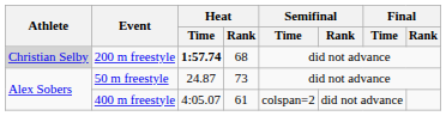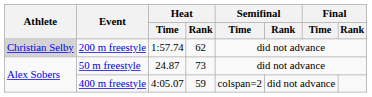 <table class=wikitable style="font-size:90%">
 <tr>
 <th rowspan="2">Athlete</th>
 <th rowspan="2">Event</th>
 <th colspan="2">Heat</th>
 <th colspan="2">Semifinal</th>
 <th colspan="2">Final</th>
 </tr>
 <tr style="font-size:95%">
 <th>Time</th>
 <th>Rank</th>
 <th>Time</th>
 <th>Rank</th>
 <th>Time</th>
 <th>Rank</th>
 </tr>
 <tr align=center>
 <td align=left style="background: lightgrey;"><a href='#'>Christian Selby</a></td>
 <td align=left><a href='#'>200 m freestyle</a></td>
-<td><strong>1:57.74</strong></td>
-<td>68</td>
+<td>1:57.74</td>
+<td>62</td>
 <td colspan=4>did not advance</td>
 </tr>
 <tr align=center>
 <td align=left rowspan=2><a href='#'>Alex Sobers</a></td>
 <td align=left><a href='#'>50 m freestyle</a></td>
 <td>24.87</td>
 <td>73</td>
 <td colspan=4>did not advance</td>
 </tr>
 <tr align=center>
 <td align=left><a href='#'>400 m freestyle</a></td>
 <td>4:05.07</td>
-<td>61</td>
+<td>59</td>
 <td>colspan=2 </td>
 <td colspan=2>did not advance</td>
 </tr>
 </table>
